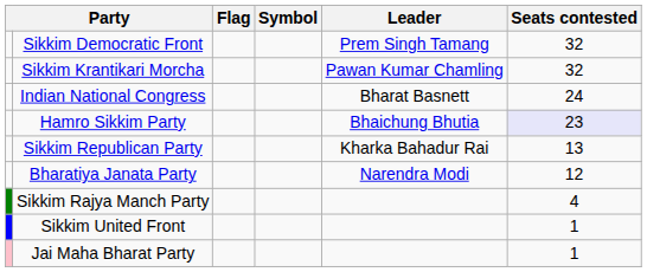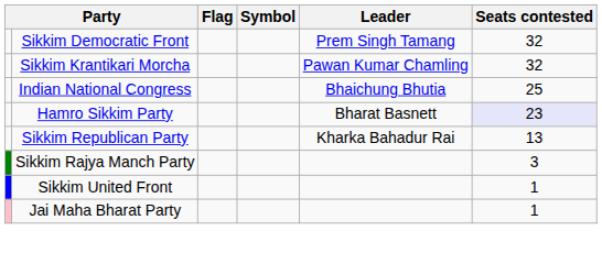 <table class="wikitable" style="text-align:center;">
 <tr>
 <th colspan="2">Party</th>
 <th>Flag</th>
 <th>Symbol</th>
 <th>Leader</th>
 <th>Seats contested</th>
 </tr>
 <tr>
 <td></td>
 <td><a href='#'>Sikkim Democratic Front</a></td>
 <td></td>
 <td></td>
 <td><a href='#'>Prem Singh Tamang</a></td>
 <td>32</td>
 </tr>
 <tr>
 <td></td>
 <td><a href='#'>Sikkim Krantikari Morcha</a></td>
 <td></td>
 <td></td>
 <td><a href='#'>Pawan Kumar Chamling</a></td>
 <td>32</td>
 </tr>
 <tr>
 <td></td>
 <td><a href='#'>Indian National Congress</a></td>
 <td></td>
 <td></td>
-<td>Bharat Basnett</td>
-<td>24</td>
+<td><a href='#'>Bhaichung Bhutia</a></td>
+<td>25</td>
 </tr>
 <tr>
 <td></td>
 <td><a href='#'>Hamro Sikkim Party</a></td>
 <td></td>
 <td></td>
-<td><a href='#'>Bhaichung Bhutia</a></td>
+<td>Bharat Basnett</td>
 <td style="background: lavender;">23</td>
 </tr>
 <tr>
 <td></td>
 <td><a href='#'>Sikkim Republican Party</a></td>
 <td></td>
 <td></td>
 <td>Kharka Bahadur Rai</td>
 <td>13</td>
 </tr>
 <tr>
-<td></td>
-<td><a href='#'>Bharatiya Janata Party</a></td>
-<td></td>
-<td></td>
-<td><a href='#'>Narendra Modi</a></td>
-<td>12</td>
-</tr>
-<tr>
 <td style="background-color: green;"></td>
 <td>Sikkim Rajya Manch Party</td>
 <td></td>
 <td></td>
 <td></td>
-<td>4</td>
+<td>3</td>
 </tr>
 <tr>
 <td style="background-color: blue;"></td>
 <td>Sikkim United Front</td>
 <td></td>
 <td></td>
 <td></td>
 <td>1</td>
 </tr>
 <tr>
 <td style="background-color: pink;"></td>
 <td>Jai Maha Bharat Party</td>
 <td></td>
 <td></td>
 <td></td>
 <td>1</td>
 </tr>
 </table>
